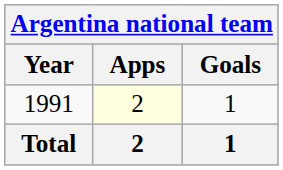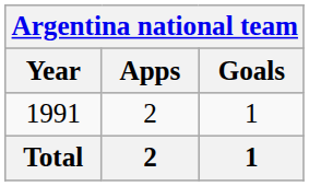 <table class="wikitable" style="text-align:center">
 <tr>
 <th colspan=3><a href='#'>Argentina national team</a></th>
 </tr>
 <tr>
 <th>Year</th>
 <th>Apps</th>
 <th>Goals</th>
 </tr>
 <tr>
 <td>1991</td>
-<td style="background: lightyellow;">2</td>
+<td>2</td>
 <td>1</td>
 </tr>
 <tr>
 <th>Total</th>
 <th>2</th>
 <th>1</th>
 </tr>
 </table>
